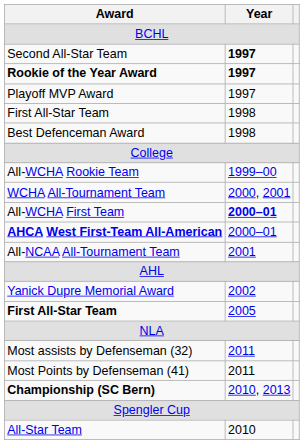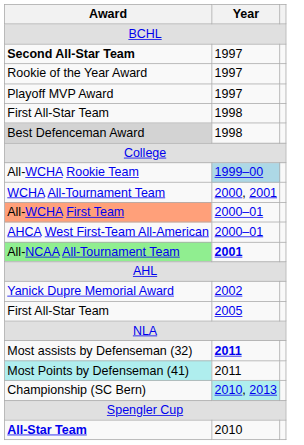 <table class="wikitable">
 <tr>
 <th>Award</th>
 <th>Year</th>
 <th></th>
 </tr>
 <tr ALIGN="center" bgcolor="#e0e0e0">
 <td colspan="3"><a href='#'>BCHL</a></td>
 </tr>
 <tr>
-<td>Second All-Star Team</td>
-<td><strong>1997</strong></td>
+<td><strong>Second All-Star Team</strong></td>
+<td>1997</td>
 <td></td>
 </tr>
 <tr>
-<td><strong>Rookie of the Year Award</strong></td>
-<td><strong>1997</strong></td>
+<td>Rookie of the Year Award</td>
+<td>1997</td>
 <td></td>
 </tr>
 <tr>
 <td>Playoff MVP Award</td>
 <td>1997</td>
 <td></td>
 </tr>
 <tr>
 <td>First All-Star Team</td>
 <td>1998</td>
 <td></td>
 </tr>
 <tr>
-<td>Best Defenceman Award</td>
+<td style="background: lightgrey;">Best Defenceman Award</td>
 <td>1998</td>
 <td></td>
 </tr>
 <tr ALIGN="center" bgcolor="#e0e0e0">
 <td colspan="3"><a href='#'>College</a></td>
 </tr>
 <tr>
 <td>All-<a href='#'>WCHA</a> <a href='#'>Rookie Team</a></td>
-<td><a href='#'>1999–00</a></td>
+<td style="background: lightblue;"><a href='#'>1999–00</a></td>
 <td></td>
 </tr>
 <tr>
 <td><a href='#'>WCHA</a> <a href='#'>All-Tournament Team</a></td>
 <td><a href='#'>2000</a>, <a href='#'>2001</a></td>
 <td></td>
 </tr>
 <tr>
-<td>All-<a href='#'>WCHA</a> <a href='#'>First Team</a></td>
-<td><strong><a href='#'>2000–01</a></strong></td>
-<td></td>
-</tr>
-<tr>
-<td><strong><a href='#'>AHCA</a> <a href='#'>West First-Team All-American</a></strong></td>
+<td style="background: lightsalmon;">All-<a href='#'>WCHA</a> <a href='#'>First Team</a></td>
 <td><a href='#'>2000–01</a></td>
 <td></td>
 </tr>
 <tr>
-<td>All-<a href='#'>NCAA</a> <a href='#'>All-Tournament Team</a></td>
-<td><a href='#'>2001</a></td>
+<td><a href='#'>AHCA</a> <a href='#'>West First-Team All-American</a></td>
+<td><a href='#'>2000–01</a></td>
+<td></td>
+</tr>
+<tr>
+<td style="background: lightgreen;">All-<a href='#'>NCAA</a> <a href='#'>All-Tournament Team</a></td>
+<td><strong><a href='#'>2001</a></strong></td>
 <td></td>
 </tr>
 <tr ALIGN="center" bgcolor="#e0e0e0">
 <td colspan="3"><a href='#'>AHL</a></td>
 </tr>
 <tr>
 <td><a href='#'>Yanick Dupre Memorial Award</a></td>
 <td><a href='#'>2002</a></td>
 <td></td>
 </tr>
 <tr>
-<td><strong>First All-Star Team</strong></td>
+<td>First All-Star Team</td>
 <td><a href='#'>2005</a></td>
 <td></td>
 </tr>
 <tr ALIGN="center" bgcolor="#e0e0e0">
 <td colspan="3"><a href='#'>NLA</a></td>
 </tr>
 <tr>
 <td>Most assists by Defenseman (32)</td>
-<td><a href='#'>2011</a></td>
+<td><strong><a href='#'>2011</a></strong></td>
 <td></td>
 </tr>
 <tr>
-<td>Most Points by Defenseman (41)</td>
+<td style="background: paleturquoise;">Most Points by Defenseman (41)</td>
 <td>2011</td>
 <td></td>
 </tr>
 <tr>
-<td><strong>Championship (SC Bern)</strong></td>
-<td><a href='#'>2010</a>, <a href='#'>2013</a></td>
+<td>Championship (SC Bern)</td>
+<td style="background: paleturquoise;"><a href='#'>2010</a>, <a href='#'>2013</a></td>
 <td></td>
 </tr>
 <tr ALIGN="center" bgcolor="#e0e0e0">
 <td colspan="3"><a href='#'>Spengler Cup</a></td>
 </tr>
 <tr>
-<td><a href='#'>All-Star Team</a></td>
+<td><strong><a href='#'>All-Star Team</a></strong></td>
 <td>2010</td>
 <td></td>
 </tr>
 </table>
